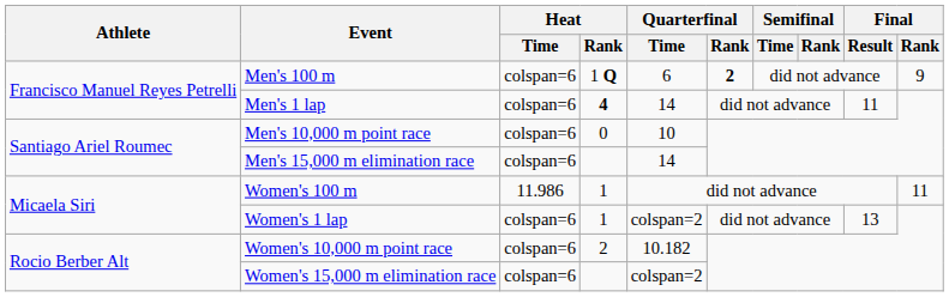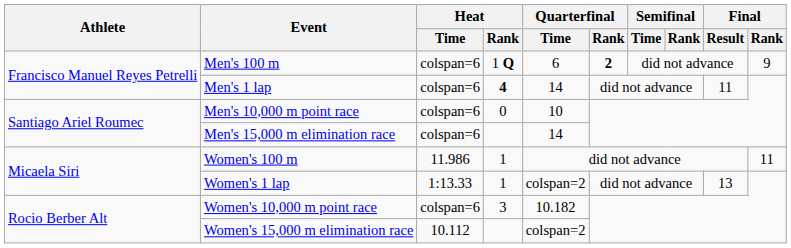 <table class=wikitable style=font-size:90%;text-align:center>
 <tr>
 <th rowspan=2>Athlete</th>
 <th rowspan=2>Event</th>
 <th colspan=2>Heat</th>
 <th colspan=2>Quarterfinal</th>
 <th colspan=2>Semifinal</th>
 <th colspan=2>Final</th>
 </tr>
 <tr style=font-size:95%>
 <th>Time</th>
 <th>Rank</th>
 <th>Time</th>
 <th>Rank</th>
 <th>Time</th>
 <th>Rank</th>
 <th>Result</th>
 <th>Rank</th>
 </tr>
 <tr>
 <td align=left rowspan=2><a href='#'>Francisco Manuel Reyes Petrelli</a></td>
 <td align=left><a href='#'>Men's 100 m</a></td>
 <td>colspan=6 </td>
 <td>1 <strong>Q</strong></td>
 <td>6</td>
 <td><strong>2</strong></td>
 <td colspan=3>did not advance</td>
 <td>9</td>
 </tr>
 <tr>
 <td align=left><a href='#'>Men's 1 lap</a></td>
 <td>colspan=6 </td>
 <td><strong>4</strong></td>
 <td>14</td>
 <td colspan=3>did not advance</td>
 <td>11</td>
 </tr>
 <tr>
 <td align=left rowspan=2><a href='#'>Santiago Ariel Roumec</a></td>
 <td align=left><a href='#'>Men's 10,000 m point race</a></td>
 <td>colspan=6 </td>
 <td>0</td>
 <td>10</td>
 </tr>
 <tr>
 <td align=left><a href='#'>Men's 15,000 m elimination race</a></td>
 <td>colspan=6 </td>
 <td></td>
 <td>14</td>
 </tr>
 <tr>
 <td align=left rowspan=2><a href='#'>Micaela Siri</a></td>
 <td align=left><a href='#'>Women's 100 m</a></td>
 <td>11.986</td>
 <td>1</td>
 <td colspan=5>did not advance</td>
 <td>11</td>
 </tr>
 <tr>
 <td align=left><a href='#'>Women's 1 lap</a></td>
-<td>colspan=6 </td>
+<td>1:13.33</td>
 <td>1</td>
 <td>colspan=2 </td>
 <td colspan=3>did not advance</td>
 <td>13</td>
 </tr>
 <tr>
 <td align=left rowspan=2><a href='#'>Rocio Berber Alt</a></td>
 <td align=left><a href='#'>Women's 10,000 m point race</a></td>
 <td>colspan=6 </td>
-<td>2</td>
+<td>3</td>
 <td>10.182</td>
 </tr>
 <tr>
 <td align=left><a href='#'>Women's 15,000 m elimination race</a></td>
-<td>colspan=6 </td>
+<td>10.112</td>
 <td></td>
 <td>colspan=2 </td>
 </tr>
 </table>
